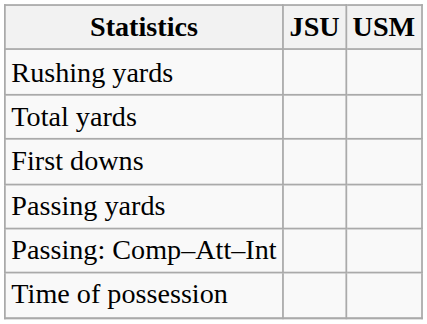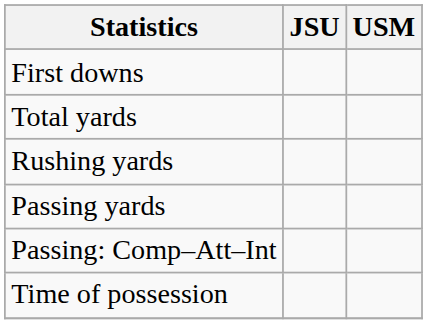 <table class="wikitable" style="float: left;">
 <tr>
 <th>Statistics</th>
 <th>JSU</th>
 <th>USM</th>
 </tr>
 <tr>
-<td>Rushing yards</td>
+<td>First downs</td>
 <td></td>
 <td></td>
 </tr>
 <tr>
 <td>Total yards</td>
 <td></td>
 <td></td>
 </tr>
 <tr>
-<td>First downs</td>
+<td>Rushing yards</td>
 <td></td>
 <td></td>
 </tr>
 <tr>
 <td>Passing yards</td>
 <td></td>
 <td></td>
 </tr>
 <tr>
 <td>Passing: Comp–Att–Int</td>
 <td></td>
 <td></td>
 </tr>
 <tr>
 <td>Time of possession</td>
 <td></td>
 <td></td>
 </tr>
 <tr>
 </tr>
 </table>
